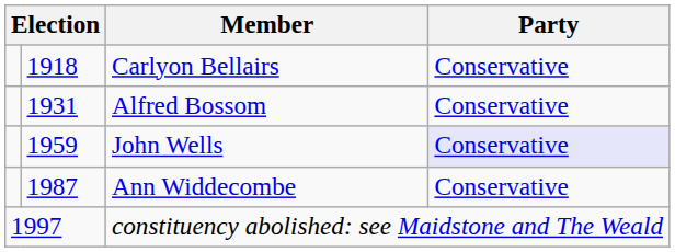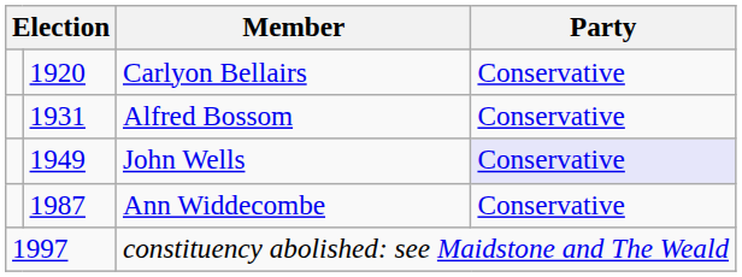 <table class="wikitable">
 <tr>
 <th colspan="2">Election</th>
 <th>Member</th>
 <th>Party</th>
 </tr>
 <tr>
 <td style="color:inherit;background-color: "></td>
-<td><a href='#'>1918</a></td>
+<td><a href='#'>1920</a></td>
 <td><a href='#'>Carlyon Bellairs</a></td>
 <td><a href='#'>Conservative</a></td>
 </tr>
 <tr>
 <td style="color:inherit;background-color: "></td>
 <td><a href='#'>1931</a></td>
 <td><a href='#'>Alfred Bossom</a></td>
 <td><a href='#'>Conservative</a></td>
 </tr>
 <tr>
 <td style="color:inherit;background-color: "></td>
-<td><a href='#'>1959</a></td>
+<td><a href='#'>1949</a></td>
 <td><a href='#'>John Wells</a></td>
 <td style="background: lavender;"><a href='#'>Conservative</a></td>
 </tr>
 <tr>
 <td style="color:inherit;background-color: "></td>
 <td><a href='#'>1987</a></td>
 <td><a href='#'>Ann Widdecombe</a></td>
 <td><a href='#'>Conservative</a></td>
 </tr>
 <tr>
 <td colspan="2"><a href='#'>1997</a></td>
 <td colspan="2"><em>constituency abolished: see <a href='#'>Maidstone and The Weald</a></em></td>
 </tr>
 </table>
